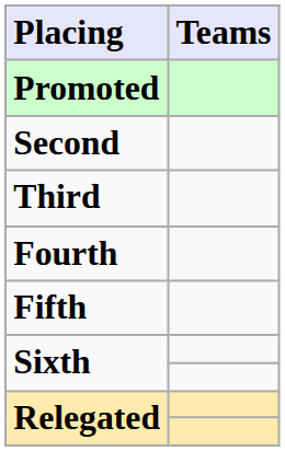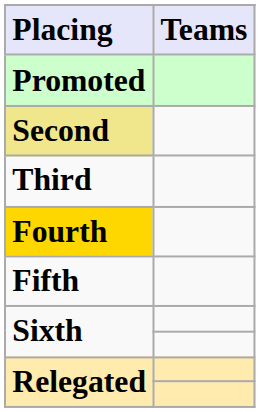 <table class=wikitable>
 <tr>
 </tr>
 <tr style="background: #E6E6FA;">
 <td><strong>Placing</strong></td>
 <td colspan="2" style="text-align:center"><strong>Teams</strong></td>
 </tr>
 <tr>
 <td style="background: #ccffcc;"><strong>Promoted</strong></td>
 <td style="background: #ccffcc;"><strong></strong></td>
 </tr>
 <tr>
-<td><strong>Second</strong></td>
+<td style="background: khaki;"><strong>Second</strong></td>
 <td></td>
 </tr>
 <tr>
 <td><strong>Third</strong></td>
 <td></td>
 </tr>
 <tr>
-<td><strong>Fourth</strong></td>
+<td style="background: gold;"><strong>Fourth</strong></td>
 <td></td>
 </tr>
 <tr>
 <td><strong>Fifth</strong></td>
 <td></td>
 </tr>
 <tr>
 <td rowspan="2"><strong>Sixth</strong></td>
 <td></td>
 </tr>
 <tr>
 <td></td>
 </tr>
 <tr style="background: #ffebad;">
 <td rowspan="2"><strong>Relegated</strong></td>
 <td></td>
 </tr>
 <tr style="background: #ffebad;">
 <td></td>
 </tr>
 </table>
